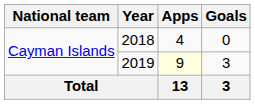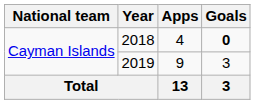 <table class="wikitable" style="text-align:center">
 <tr>
 <th>National team</th>
 <th>Year</th>
 <th>Apps</th>
 <th>Goals</th>
 </tr>
 <tr>
 <td rowspan="2"><a href='#'>Cayman Islands</a></td>
 <td>2018</td>
 <td>4</td>
-<td>0</td>
+<td><strong>0</strong></td>
 </tr>
 <tr>
 <td>2019</td>
-<td style="background: lightyellow;">9</td>
+<td>9</td>
 <td>3</td>
 </tr>
 <tr>
 <th colspan=2>Total</th>
 <th>13</th>
 <th>3</th>
 </tr>
 </table>
